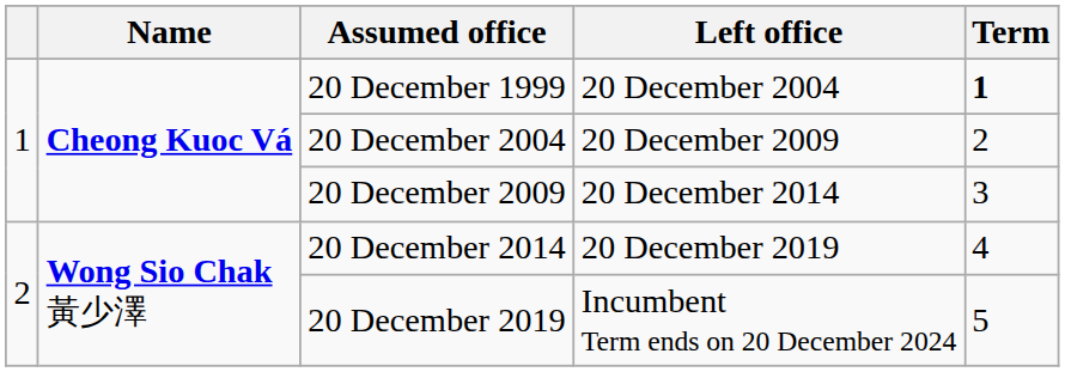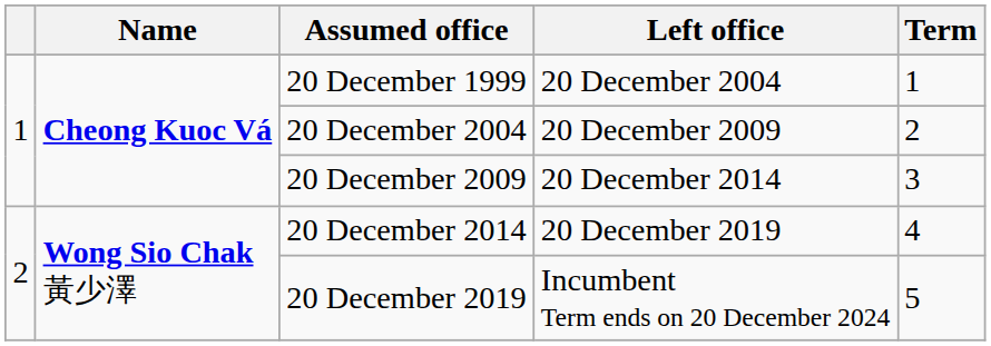 <table class="wikitable">
 <tr>
 <th></th>
 <th>Name</th>
 <th>Assumed office</th>
 <th>Left office</th>
 <th>Term</th>
 </tr>
 <tr>
 <td rowspan=3>1</td>
 <td rowspan=3><strong><a href='#'>Cheong Kuoc Vá</a></strong><br><span></span></td>
 <td>20 December 1999</td>
 <td>20 December 2004</td>
-<td><strong>1</strong></td>
+<td>1</td>
 </tr>
 <tr>
 <td>20 December 2004</td>
 <td>20 December 2009</td>
 <td>2</td>
 </tr>
 <tr>
 <td>20 December 2009</td>
 <td>20 December 2014</td>
 <td>3</td>
 </tr>
 <tr>
 <td rowspan=2>2</td>
 <td rowspan=2><strong><a href='#'>Wong Sio Chak</a></strong><br><span>黃少澤</span></td>
 <td>20 December 2014</td>
 <td>20 December 2019</td>
 <td>4</td>
 </tr>
 <tr>
 <td>20 December 2019</td>
 <td>Incumbent<br><small>Term ends on 20 December 2024</small></td>
 <td>5</td>
 </tr>
 </table>
